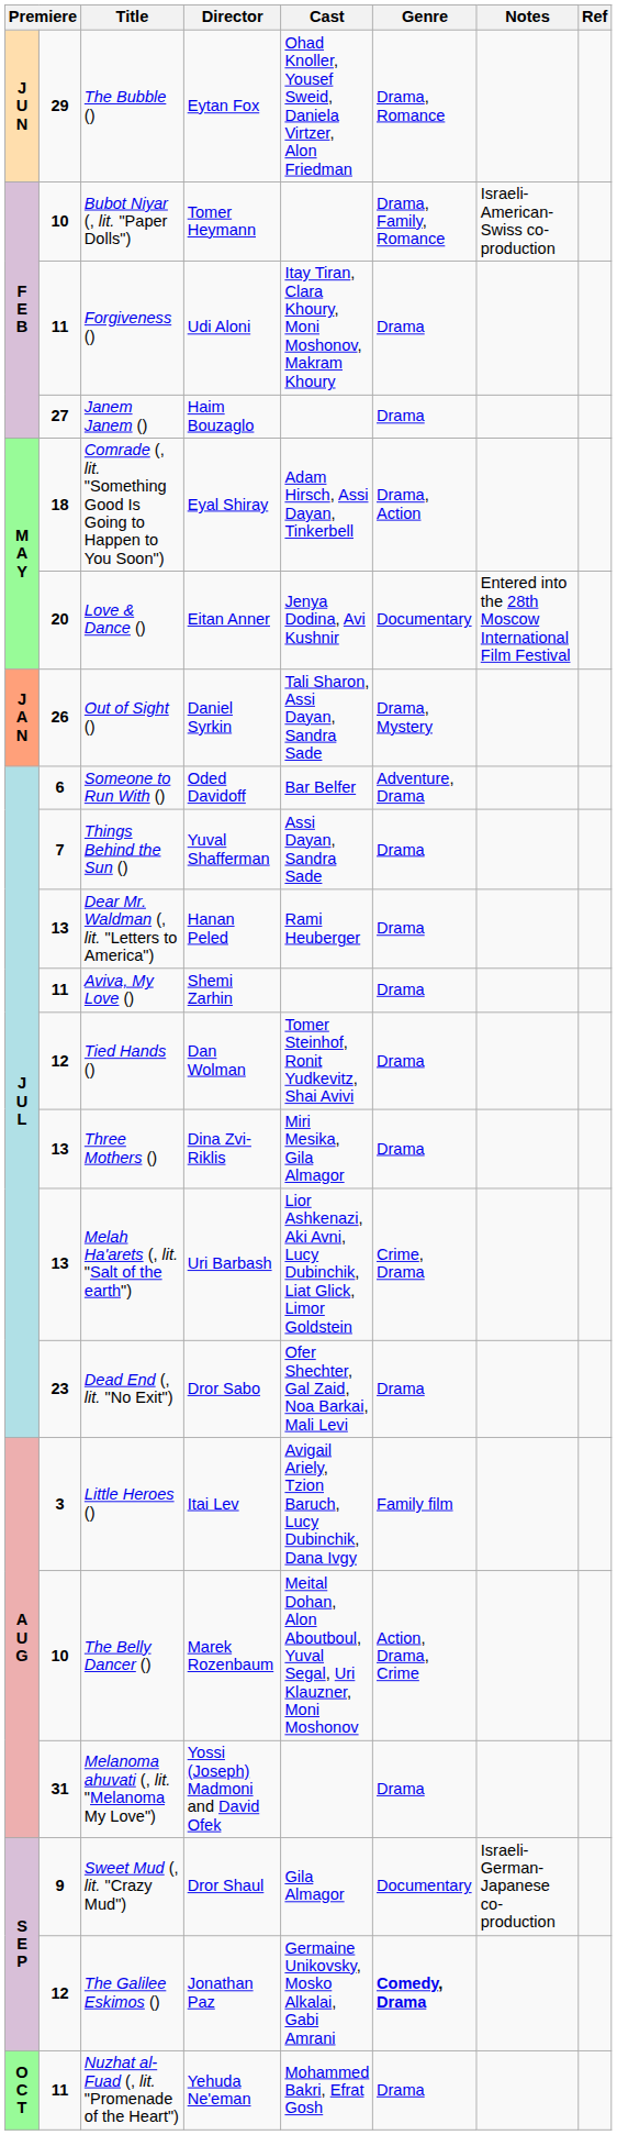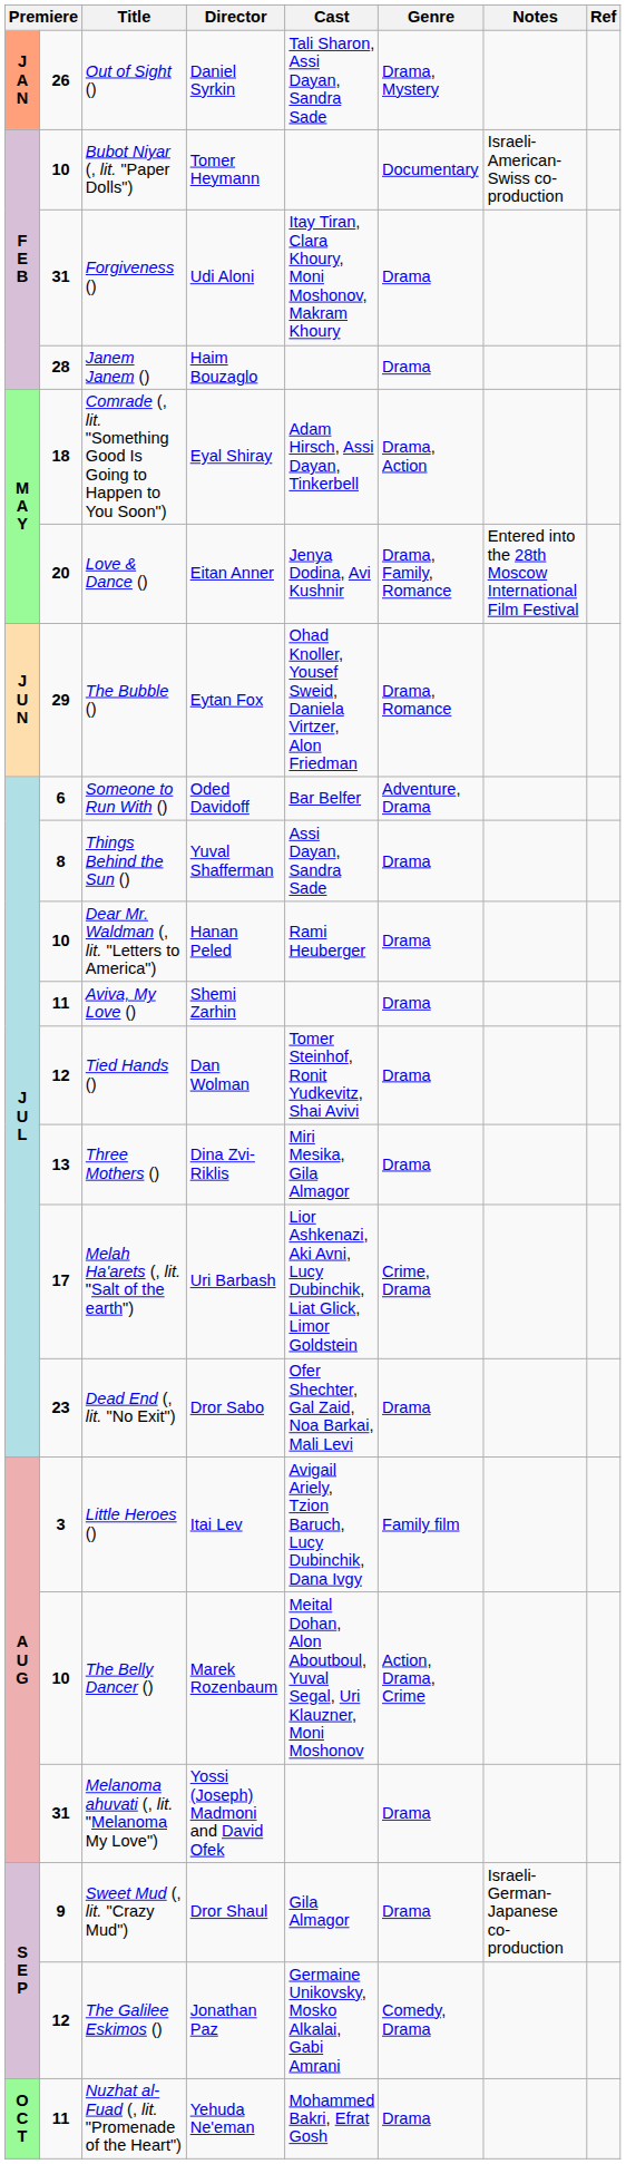 <table class="wikitable">
 <tr>
 <th colspan="2">Premiere</th>
 <th>Title</th>
 <th>Director</th>
 <th width=15%>Cast</th>
 <th>Genre</th>
 <th>Notes</th>
 <th>Ref</th>
 </tr>
 <tr>
-<td rowspan="1" valign="center" align="center" style="background:#FFDEAD; textcolor:#000;"><strong>J<br>U<br>N</strong></td>
-<td rowspan="1" align="center"><strong>29</strong></td>
-<td><em><a href='#'>The Bubble</a></em> ()</td>
-<td><a href='#'>Eytan Fox</a></td>
-<td><a href='#'>Ohad Knoller</a>, <a href='#'>Yousef Sweid</a>, <a href='#'>Daniela Virtzer</a>, <a href='#'>Alon Friedman</a></td>
-<td><a href='#'>Drama</a>, <a href='#'>Romance</a></td>
+<td rowspan="1" valign="center" align="center" style="background:#FFA07A; textcolor:#000;"><strong>J<br>A<br>N</strong></td>
+<td rowspan="1" align="center"><strong>26</strong></td>
+<td><em><a href='#'>Out of Sight</a></em> ()</td>
+<td><a href='#'>Daniel Syrkin</a></td>
+<td><a href='#'>Tali Sharon</a>, <a href='#'>Assi Dayan</a>, <a href='#'>Sandra Sade</a></td>
+<td><a href='#'>Drama</a>, <a href='#'>Mystery</a></td>
 <td></td>
 <td></td>
 </tr>
 <tr>
 <td rowspan="3" valign="center" align="center" style="background:#D8BFD8; textcolor:#000;"><strong>F<br>E<br>B</strong></td>
 <td rowspan="1" align="center"><strong>10</strong></td>
 <td><em><a href='#'>Bubot Niyar</a></em> (, <em>lit.</em> "Paper Dolls")</td>
 <td><a href='#'>Tomer Heymann</a></td>
 <td></td>
-<td><a href='#'>Drama</a>, <a href='#'>Family</a>, <a href='#'>Romance</a></td>
+<td><a href='#'>Documentary</a></td>
 <td>Israeli-American-Swiss co-production</td>
 <td></td>
 </tr>
 <tr>
-<td rowspan="1" align="center"><strong>11</strong></td>
+<td rowspan="1" align="center"><strong>31</strong></td>
 <td><em><a href='#'>Forgiveness</a></em> ()</td>
 <td><a href='#'>Udi Aloni</a></td>
 <td><a href='#'>Itay Tiran</a>, <a href='#'>Clara Khoury</a>, <a href='#'>Moni Moshonov</a>, <a href='#'>Makram Khoury</a></td>
 <td><a href='#'>Drama</a></td>
 <td></td>
 <td></td>
 </tr>
 <tr>
-<td rowspan="1" align="center"><strong>27</strong></td>
+<td rowspan="1" align="center"><strong>28</strong></td>
 <td><em><a href='#'>Janem Janem</a></em> ()</td>
 <td><a href='#'>Haim Bouzaglo</a></td>
 <td></td>
 <td><a href='#'>Drama</a></td>
 <td></td>
 <td></td>
 </tr>
 <tr>
 <td rowspan="2" valign="center" align="center" style="background:#98FB98; textcolor:#000;"><strong>M<br>A<br>Y</strong></td>
 <td rowspan="1" align="center"><strong>18</strong></td>
 <td><em><a href='#'>Comrade</a></em> (, <em>lit.</em> "Something Good Is Going to Happen to You Soon")</td>
 <td><a href='#'>Eyal Shiray</a></td>
 <td><a href='#'>Adam Hirsch</a>, <a href='#'>Assi Dayan</a>, <a href='#'>Tinkerbell</a></td>
 <td><a href='#'>Drama</a>, <a href='#'>Action</a></td>
 <td></td>
 <td></td>
 </tr>
 <tr>
 <td rowspan="1" align="center"><strong>20</strong></td>
 <td><em><a href='#'>Love & Dance</a></em> ()</td>
 <td><a href='#'>Eitan Anner</a></td>
 <td><a href='#'>Jenya Dodina</a>, <a href='#'>Avi Kushnir</a></td>
-<td><a href='#'>Documentary</a></td>
+<td><a href='#'>Drama</a>, <a href='#'>Family</a>, <a href='#'>Romance</a></td>
 <td>Entered into the <a href='#'>28th Moscow International Film Festival</a></td>
 <td></td>
 </tr>
 <tr>
-<td rowspan="1" valign="center" align="center" style="background:#FFA07A; textcolor:#000;"><strong>J<br>A<br>N</strong></td>
-<td rowspan="1" align="center"><strong>26</strong></td>
-<td><em><a href='#'>Out of Sight</a></em> ()</td>
-<td><a href='#'>Daniel Syrkin</a></td>
-<td><a href='#'>Tali Sharon</a>, <a href='#'>Assi Dayan</a>, <a href='#'>Sandra Sade</a></td>
-<td><a href='#'>Drama</a>, <a href='#'>Mystery</a></td>
+<td rowspan="1" valign="center" align="center" style="background:#FFDEAD; textcolor:#000;"><strong>J<br>U<br>N</strong></td>
+<td rowspan="1" align="center"><strong>29</strong></td>
+<td><em><a href='#'>The Bubble</a></em> ()</td>
+<td><a href='#'>Eytan Fox</a></td>
+<td><a href='#'>Ohad Knoller</a>, <a href='#'>Yousef Sweid</a>, <a href='#'>Daniela Virtzer</a>, <a href='#'>Alon Friedman</a></td>
+<td><a href='#'>Drama</a>, <a href='#'>Romance</a></td>
 <td></td>
 <td></td>
 </tr>
 <tr>
 <td rowspan="8" valign="center" align="center" style="background:#B0E0E6; textcolor:#000;"><strong>J<br>U<br>L</strong></td>
 <td rowspan="1" align="center"><strong>6</strong></td>
 <td><em><a href='#'>Someone to Run With</a></em> ()</td>
 <td><a href='#'>Oded Davidoff</a></td>
 <td><a href='#'>Bar Belfer</a></td>
 <td><a href='#'>Adventure</a>, <a href='#'>Drama</a></td>
 <td></td>
 <td></td>
 </tr>
 <tr>
-<td rowspan="1" align="center"><strong>7</strong></td>
+<td rowspan="1" align="center"><strong>8</strong></td>
 <td><em><a href='#'>Things Behind the Sun</a></em> ()</td>
 <td><a href='#'>Yuval Shafferman</a></td>
 <td><a href='#'>Assi Dayan</a>, <a href='#'>Sandra Sade</a></td>
 <td><a href='#'>Drama</a></td>
 <td></td>
 <td></td>
 </tr>
 <tr>
-<td rowspan="1" align="center"><strong>13</strong></td>
+<td rowspan="1" align="center"><strong>10</strong></td>
 <td><em><a href='#'>Dear Mr. Waldman</a></em> (, <em>lit.</em> "Letters to America")</td>
 <td><a href='#'>Hanan Peled</a></td>
 <td><a href='#'>Rami Heuberger</a></td>
 <td><a href='#'>Drama</a></td>
 <td></td>
 <td></td>
 </tr>
 <tr>
 <td rowspan="1" align="center"><strong>11</strong></td>
 <td><em><a href='#'>Aviva, My Love</a></em> ()</td>
 <td><a href='#'>Shemi Zarhin</a></td>
 <td></td>
 <td><a href='#'>Drama</a></td>
 <td></td>
 <td></td>
 </tr>
 <tr>
 <td rowspan="1" align="center"><strong>12</strong></td>
 <td><em><a href='#'>Tied Hands</a></em> ()</td>
 <td><a href='#'>Dan Wolman</a></td>
 <td><a href='#'>Tomer Steinhof</a>, <a href='#'>Ronit Yudkevitz</a>, <a href='#'>Shai Avivi</a></td>
 <td><a href='#'>Drama</a></td>
 <td></td>
 <td></td>
 </tr>
 <tr>
 <td rowspan="1" align="center"><strong>13</strong></td>
 <td><em><a href='#'>Three Mothers</a></em> ()</td>
 <td><a href='#'>Dina Zvi-Riklis</a></td>
 <td><a href='#'>Miri Mesika</a>, <a href='#'>Gila Almagor</a></td>
 <td><a href='#'>Drama</a></td>
 <td></td>
 <td></td>
 </tr>
 <tr>
-<td rowspan="1" align="center"><strong>13</strong></td>
+<td rowspan="1" align="center"><strong>17</strong></td>
 <td><em><a href='#'>Melah Ha'arets</a></em> (, <em>lit.</em> "<a href='#'>Salt of the earth</a>")</td>
 <td><a href='#'>Uri Barbash</a></td>
 <td><a href='#'>Lior Ashkenazi</a>, <a href='#'>Aki Avni</a>, <a href='#'>Lucy Dubinchik</a>, <a href='#'>Liat Glick</a>, <a href='#'>Limor Goldstein</a></td>
 <td><a href='#'>Crime</a>, <a href='#'>Drama</a></td>
 <td></td>
 <td></td>
 </tr>
 <tr>
 <td rowspan="1" align="center"><strong>23</strong></td>
 <td><em><a href='#'>Dead End</a></em> (, <em>lit.</em> "No Exit")</td>
 <td><a href='#'>Dror Sabo</a></td>
 <td><a href='#'>Ofer Shechter</a>, <a href='#'>Gal Zaid</a>, <a href='#'>Noa Barkai</a>, <a href='#'>Mali Levi</a></td>
 <td><a href='#'>Drama</a></td>
 <td></td>
 <td></td>
 </tr>
 <tr>
 <td rowspan="3" valign="center" align="center" style="background:#edafaf; textcolor:#000;"><strong>A<br>U<br>G</strong></td>
 <td rowspan="1" align="center"><strong>3</strong></td>
 <td><em><a href='#'>Little Heroes</a></em> ()</td>
 <td><a href='#'>Itai Lev</a></td>
 <td><a href='#'>Avigail Ariely</a>, <a href='#'>Tzion Baruch</a>, <a href='#'>Lucy Dubinchik</a>, <a href='#'>Dana Ivgy</a></td>
 <td><a href='#'>Family film</a></td>
 <td></td>
 <td></td>
 </tr>
 <tr>
 <td rowspan="1" align="center"><strong>10</strong></td>
 <td><em><a href='#'>The Belly Dancer</a></em> ()</td>
 <td><a href='#'>Marek Rozenbaum</a></td>
 <td><a href='#'>Meital Dohan</a>, <a href='#'>Alon Aboutboul</a>, <a href='#'>Yuval Segal</a>, <a href='#'>Uri Klauzner</a>, <a href='#'>Moni Moshonov</a></td>
 <td><a href='#'>Action</a>, <a href='#'>Drama</a>, <a href='#'>Crime</a></td>
 <td></td>
 <td></td>
 </tr>
 <tr>
 <td rowspan="1" align="center"><strong>31</strong></td>
 <td><em><a href='#'>Melanoma ahuvati</a></em> (, <em>lit.</em> "<a href='#'>Melanoma</a> My Love")</td>
 <td><a href='#'>Yossi (Joseph) Madmoni</a> and <a href='#'>David Ofek</a></td>
 <td></td>
 <td><a href='#'>Drama</a></td>
 <td></td>
 <td></td>
 </tr>
 <tr>
 <td rowspan="2" valign="center" align="center" style="background:#D8BFD8; textcolor:#000;"><strong>S<br>E<br>P</strong></td>
 <td rowspan="1" align="center"><strong>9</strong></td>
 <td><em><a href='#'>Sweet Mud</a></em> (, <em>lit.</em> "Crazy Mud")</td>
 <td><a href='#'>Dror Shaul</a></td>
 <td><a href='#'>Gila Almagor</a></td>
-<td><a href='#'>Documentary</a></td>
+<td><a href='#'>Drama</a></td>
 <td>Israeli-German-Japanese co-production</td>
 <td></td>
 </tr>
 <tr>
 <td rowspan="1" align="center"><strong>12</strong></td>
 <td><em><a href='#'>The Galilee Eskimos</a></em> ()</td>
 <td><a href='#'>Jonathan Paz</a></td>
 <td><a href='#'>Germaine Unikovsky</a>, <a href='#'>Mosko Alkalai</a>, <a href='#'>Gabi Amrani</a></td>
-<td><strong><a href='#'>Comedy</a>, <a href='#'>Drama</a></strong></td>
+<td><a href='#'>Comedy</a>, <a href='#'>Drama</a></td>
 <td></td>
 <td></td>
 </tr>
 <tr>
 <td rowspan="2" valign="center" align="center" style="background:#98FB98; textcolor:#000;"><strong>O<br>C<br>T</strong></td>
 <td rowspan="1" align="center"><strong>11</strong></td>
 <td><em><a href='#'>Nuzhat al-Fuad</a></em> (, <em>lit.</em> "Promenade of the Heart")</td>
 <td><a href='#'>Yehuda Ne'eman</a></td>
 <td><a href='#'>Mohammed Bakri</a>, <a href='#'>Efrat Gosh</a></td>
 <td><a href='#'>Drama</a></td>
 <td></td>
 <td></td>
 </tr>
 </table>
